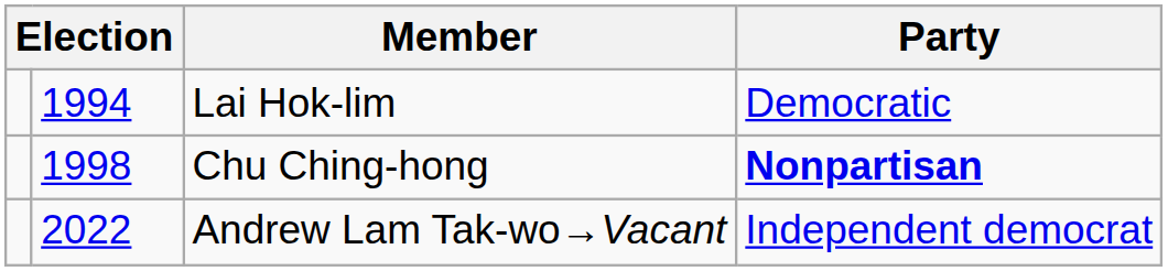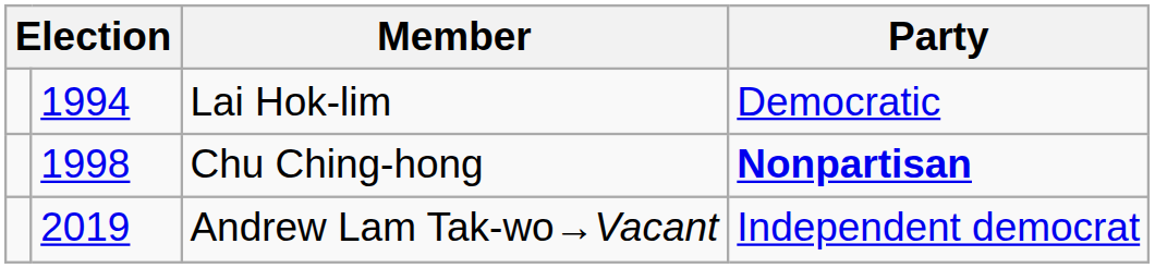 <table class="wikitable">
 <tr>
 <th colspan="2">Election</th>
 <th>Member</th>
 <th>Party</th>
 </tr>
 <tr>
 <td style="background-color: "></td>
 <td><a href='#'>1994</a></td>
 <td>Lai Hok-lim</td>
 <td><a href='#'>Democratic</a></td>
 </tr>
 <tr>
 <td style="background-color: "></td>
 <td><a href='#'>1998</a></td>
 <td>Chu Ching-hong</td>
 <td><strong><a href='#'>Nonpartisan</a></strong></td>
 </tr>
 <tr>
 <td style="background-color: "></td>
-<td><a href='#'>2022</a></td>
+<td><a href='#'>2019</a></td>
 <td>Andrew Lam Tak-wo→<em>Vacant</em></td>
 <td><a href='#'>Independent democrat</a></td>
 </tr>
 </table>
